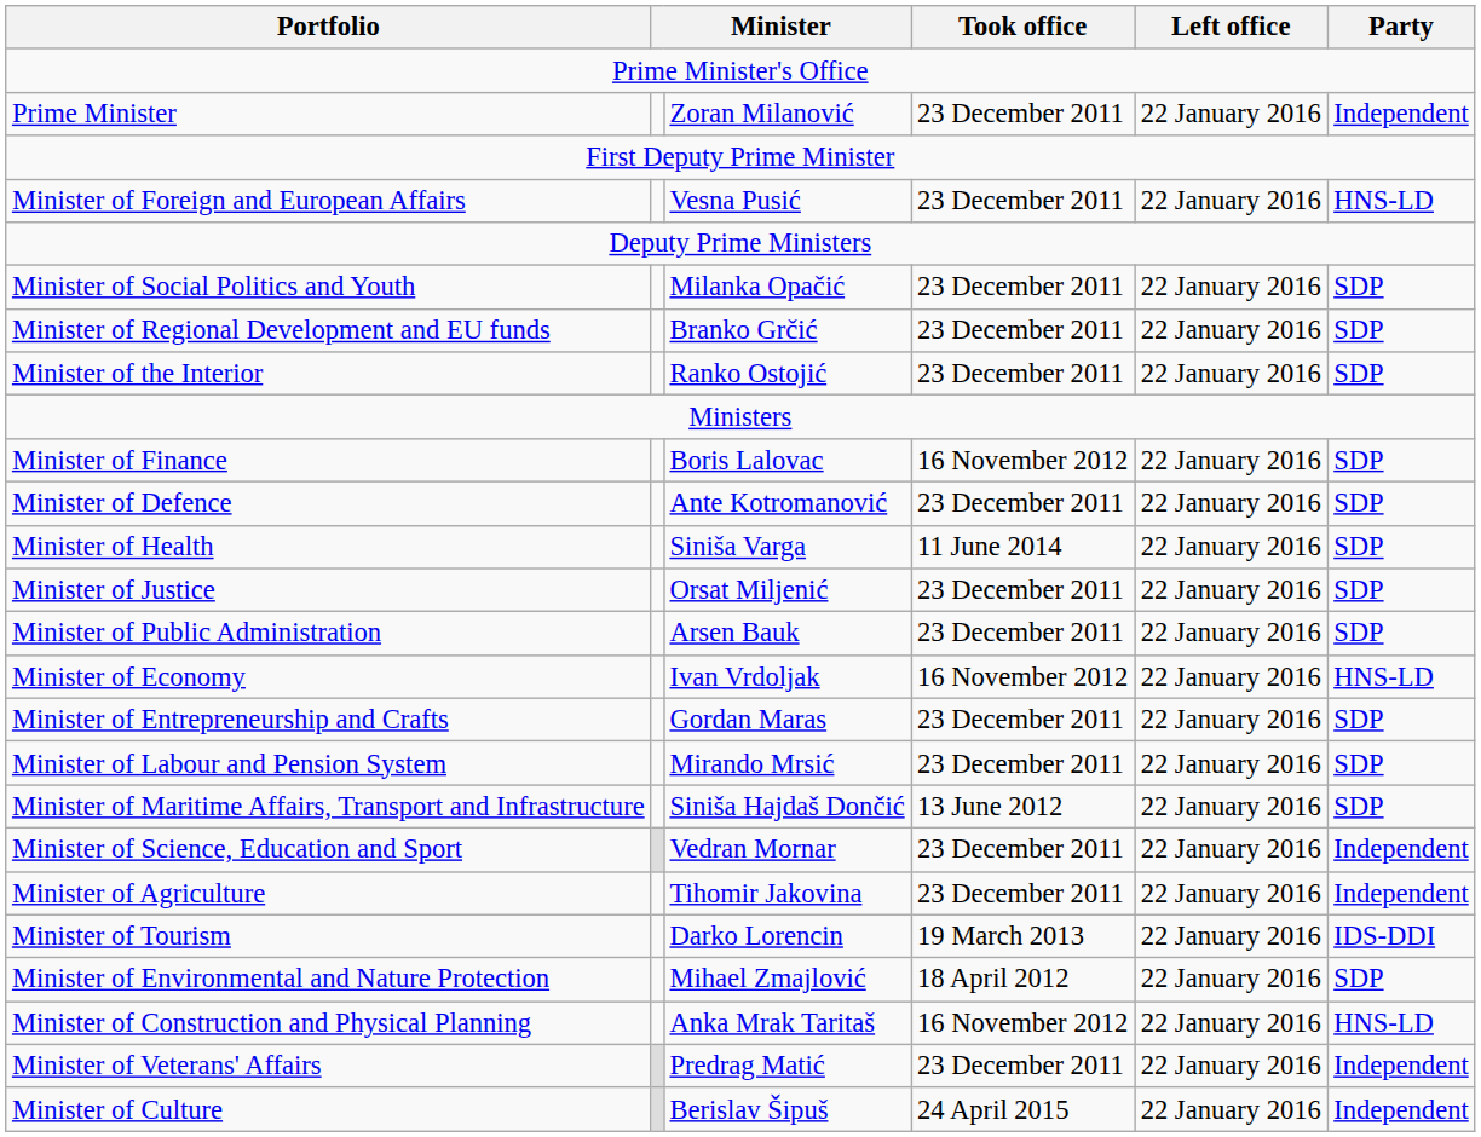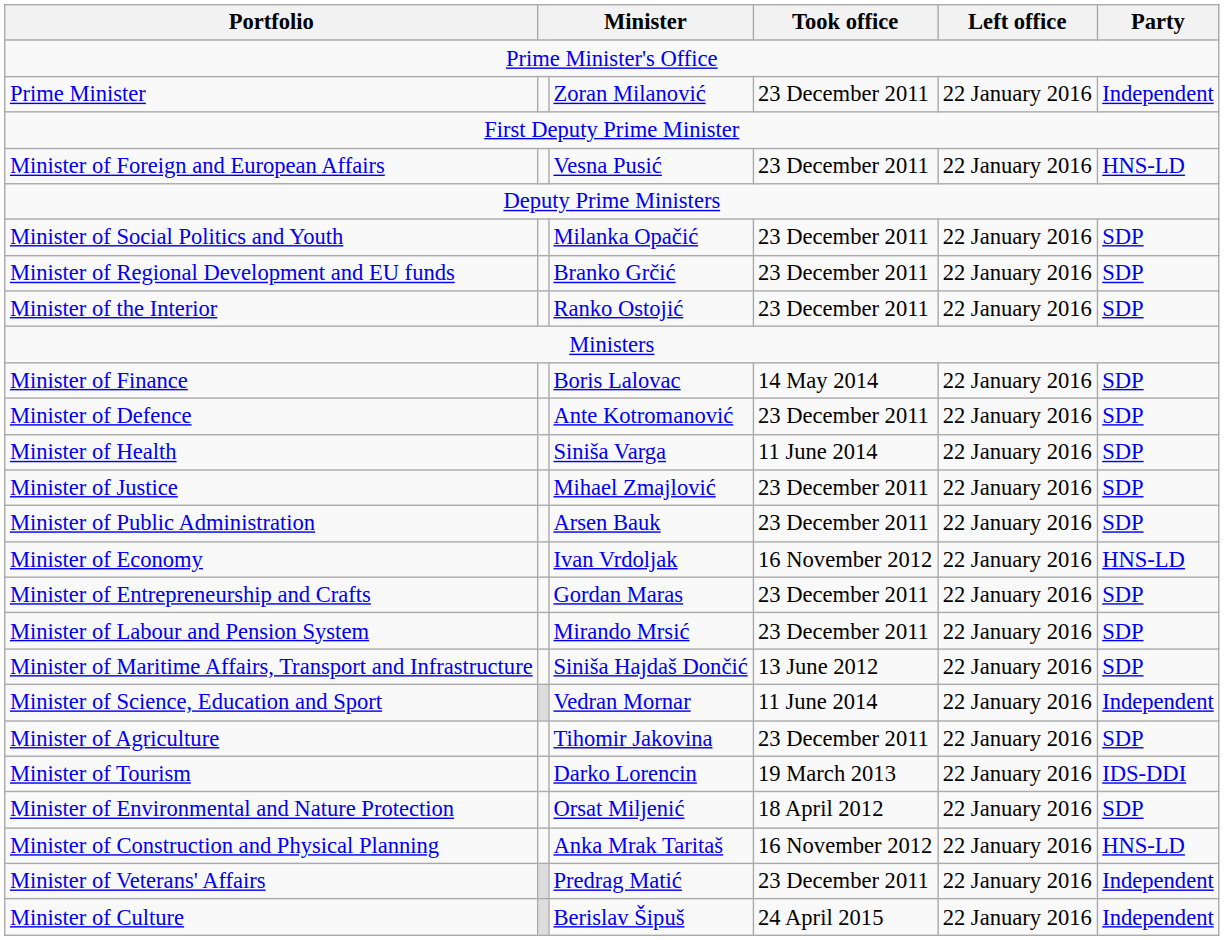 <table class="wikitable">
 <tr>
 <th style="text-align: center;">Portfolio</th>
 <th colspan="2" style="text-align: center;">Minister</th>
 <th style="text-align: center;">Took office</th>
 <th style="text-align: center;">Left office</th>
 <th style="text-align: center;">Party</th>
 </tr>
 <tr>
 <td colspan="7" style="text-align: center;"><a href='#'>Prime Minister's Office</a></td>
 </tr>
 <tr>
 <td><a href='#'>Prime Minister</a></td>
 <td style="background:"></td>
 <td><a href='#'>Zoran Milanović</a></td>
 <td>23 December 2011</td>
 <td>22 January 2016</td>
 <td><a href='#'>Independent</a></td>
 </tr>
 <tr>
 <td colspan="7" style="text-align: center;"><a href='#'>First Deputy Prime Minister</a></td>
 </tr>
 <tr>
 <td><a href='#'>Minister of Foreign and European Affairs</a></td>
 <td style="background:"></td>
 <td><a href='#'>Vesna Pusić</a></td>
 <td>23 December 2011</td>
 <td>22 January 2016</td>
 <td><a href='#'>HNS-LD</a></td>
 </tr>
 <tr>
 <td colspan="7" style="text-align: center;"><a href='#'>Deputy Prime Ministers</a></td>
 </tr>
 <tr>
 <td><a href='#'>Minister of Social Politics and Youth</a></td>
 <td style="background:"></td>
 <td><a href='#'>Milanka Opačić</a></td>
 <td>23 December 2011</td>
 <td>22 January 2016</td>
 <td><a href='#'>SDP</a></td>
 </tr>
 <tr>
 <td><a href='#'>Minister of Regional Development and EU funds</a></td>
 <td style="background:"></td>
 <td><a href='#'>Branko Grčić</a></td>
 <td>23 December 2011</td>
 <td>22 January 2016</td>
 <td><a href='#'>SDP</a></td>
 </tr>
 <tr>
 <td><a href='#'>Minister of the Interior</a></td>
 <td style="background:"></td>
 <td><a href='#'>Ranko Ostojić</a></td>
 <td>23 December 2011</td>
 <td>22 January 2016</td>
 <td><a href='#'>SDP</a></td>
 </tr>
 <tr>
 <td colspan="7" style="text-align: center;"><a href='#'>Ministers</a></td>
 </tr>
 <tr>
 <td><a href='#'>Minister of Finance</a></td>
 <td style="background:"></td>
 <td><a href='#'>Boris Lalovac</a></td>
-<td>16 November 2012</td>
+<td>14 May 2014</td>
 <td>22 January 2016</td>
 <td><a href='#'>SDP</a></td>
 </tr>
 <tr>
 <td><a href='#'>Minister of Defence</a></td>
 <td style="background:"></td>
 <td><a href='#'>Ante Kotromanović</a></td>
 <td>23 December 2011</td>
 <td>22 January 2016</td>
 <td><a href='#'>SDP</a></td>
 </tr>
 <tr>
 <td><a href='#'>Minister of Health</a></td>
 <td style="background:"></td>
 <td><a href='#'>Siniša Varga</a></td>
 <td>11 June 2014</td>
 <td>22 January 2016</td>
 <td><a href='#'>SDP</a></td>
 </tr>
 <tr>
 <td><a href='#'>Minister of Justice</a></td>
 <td style="background:"></td>
-<td><a href='#'>Orsat Miljenić</a></td>
+<td><a href='#'>Mihael Zmajlović</a></td>
 <td>23 December 2011</td>
 <td>22 January 2016</td>
 <td><a href='#'>SDP</a></td>
 </tr>
 <tr>
 <td><a href='#'>Minister of Public Administration</a></td>
 <td style="background:"></td>
 <td><a href='#'>Arsen Bauk</a></td>
 <td>23 December 2011</td>
 <td>22 January 2016</td>
 <td><a href='#'>SDP</a></td>
 </tr>
 <tr>
 <td><a href='#'>Minister of Economy</a></td>
 <td style="background:"></td>
 <td><a href='#'>Ivan Vrdoljak</a></td>
 <td>16 November 2012</td>
 <td>22 January 2016</td>
 <td><a href='#'>HNS-LD</a></td>
 </tr>
 <tr>
 <td><a href='#'>Minister of Entrepreneurship and Crafts</a></td>
 <td style="background:"></td>
 <td><a href='#'>Gordan Maras</a></td>
 <td>23 December 2011</td>
 <td>22 January 2016</td>
 <td><a href='#'>SDP</a></td>
 </tr>
 <tr>
 <td><a href='#'>Minister of Labour and Pension System</a></td>
 <td style="background:"></td>
 <td><a href='#'>Mirando Mrsić</a></td>
 <td>23 December 2011</td>
 <td>22 January 2016</td>
 <td><a href='#'>SDP</a></td>
 </tr>
 <tr>
 <td><a href='#'>Minister of Maritime Affairs, Transport and Infrastructure</a></td>
 <td style="background:"></td>
 <td><a href='#'>Siniša Hajdaš Dončić</a></td>
 <td>13 June 2012</td>
 <td>22 January 2016</td>
 <td><a href='#'>SDP</a></td>
 </tr>
 <tr>
 <td><a href='#'>Minister of Science, Education and Sport</a></td>
 <td style="background:#DDDDDD;"></td>
 <td><a href='#'>Vedran Mornar</a></td>
-<td>23 December 2011</td>
+<td>11 June 2014</td>
 <td>22 January 2016</td>
 <td><a href='#'>Independent</a></td>
 </tr>
 <tr>
 <td><a href='#'>Minister of Agriculture</a></td>
 <td style="background:"></td>
 <td><a href='#'>Tihomir Jakovina</a></td>
 <td>23 December 2011</td>
 <td>22 January 2016</td>
-<td><a href='#'>Independent</a></td>
+<td><a href='#'>SDP</a></td>
 </tr>
 <tr>
 <td><a href='#'>Minister of Tourism</a></td>
 <td style="background:"></td>
 <td><a href='#'>Darko Lorencin</a></td>
 <td>19 March 2013</td>
 <td>22 January 2016</td>
 <td><a href='#'>IDS-DDI</a></td>
 </tr>
 <tr>
 <td><a href='#'>Minister of Environmental and Nature Protection</a></td>
 <td style="background:"></td>
-<td><a href='#'>Mihael Zmajlović</a></td>
+<td><a href='#'>Orsat Miljenić</a></td>
 <td>18 April 2012</td>
 <td>22 January 2016</td>
 <td><a href='#'>SDP</a></td>
 </tr>
 <tr>
 <td><a href='#'>Minister of Construction and Physical Planning</a></td>
 <td style="background:"></td>
 <td><a href='#'>Anka Mrak Taritaš</a></td>
 <td>16 November 2012</td>
 <td>22 January 2016</td>
 <td><a href='#'>HNS-LD</a></td>
 </tr>
 <tr>
 <td><a href='#'>Minister of Veterans' Affairs</a></td>
 <td style="background:#DDDDDD;"></td>
 <td><a href='#'>Predrag Matić</a></td>
 <td>23 December 2011</td>
 <td>22 January 2016</td>
 <td><a href='#'>Independent</a></td>
 </tr>
 <tr>
 <td><a href='#'>Minister of Culture</a></td>
 <td style="background:#DDDDDD;"></td>
 <td><a href='#'>Berislav Šipuš</a></td>
 <td>24 April 2015</td>
 <td>22 January 2016</td>
 <td><a href='#'>Independent</a></td>
 </tr>
 </table>
